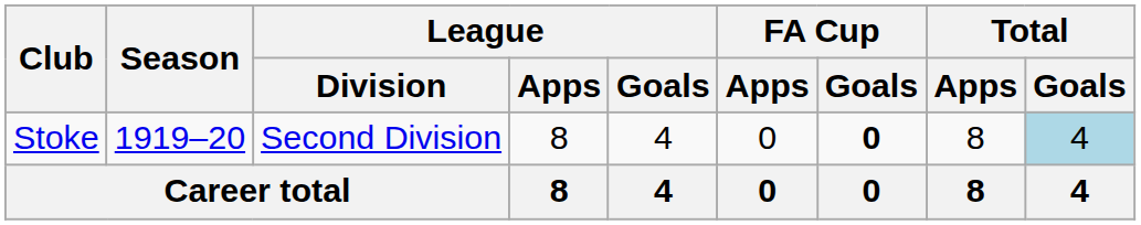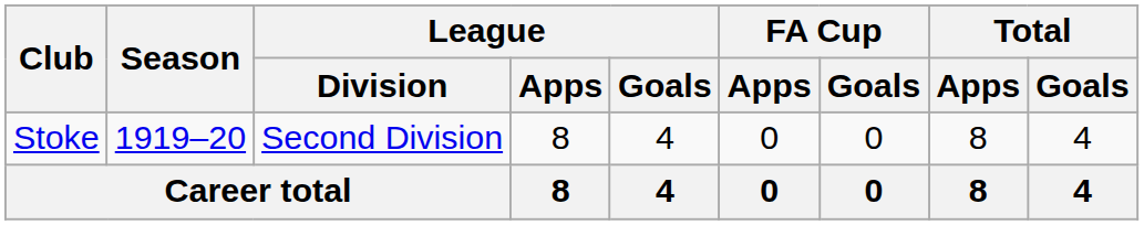 <table class="wikitable" style="text-align: center;">
 <tr>
 <th rowspan="2">Club</th>
 <th rowspan="2">Season</th>
 <th colspan="3">League</th>
 <th colspan="2">FA Cup</th>
 <th colspan="2">Total</th>
 </tr>
 <tr>
 <th>Division</th>
 <th>Apps</th>
 <th>Goals</th>
 <th>Apps</th>
 <th>Goals</th>
 <th>Apps</th>
 <th>Goals</th>
 </tr>
 <tr>
 <td><a href='#'>Stoke</a></td>
 <td><a href='#'>1919–20</a></td>
 <td><a href='#'>Second Division</a></td>
 <td>8</td>
 <td>4</td>
 <td>0</td>
-<td><strong>0</strong></td>
+<td>0</td>
 <td>8</td>
-<td style="background: lightblue;">4</td>
+<td>4</td>
 </tr>
 <tr>
 <th colspan="3">Career total</th>
 <th>8</th>
 <th>4</th>
 <th>0</th>
 <th>0</th>
 <th>8</th>
 <th>4</th>
 </tr>
 </table>
